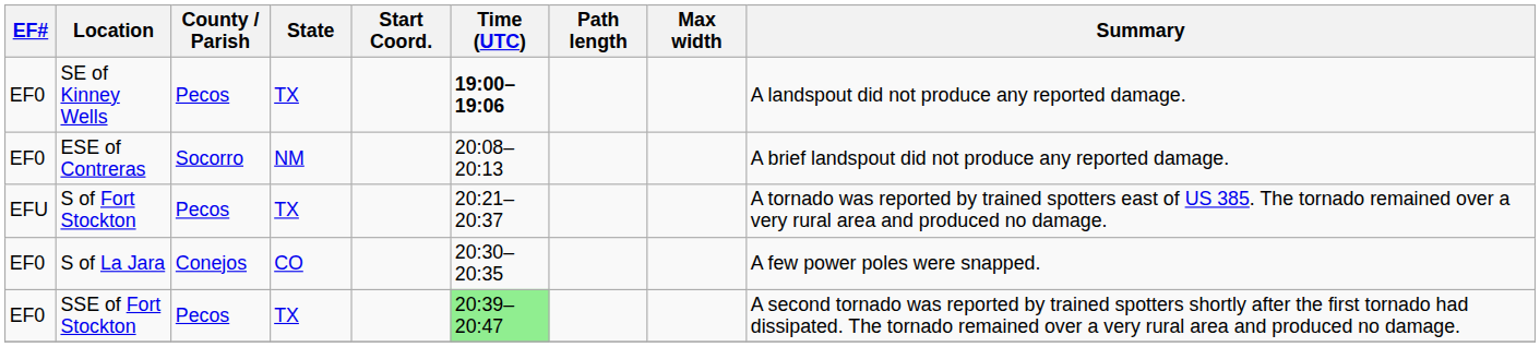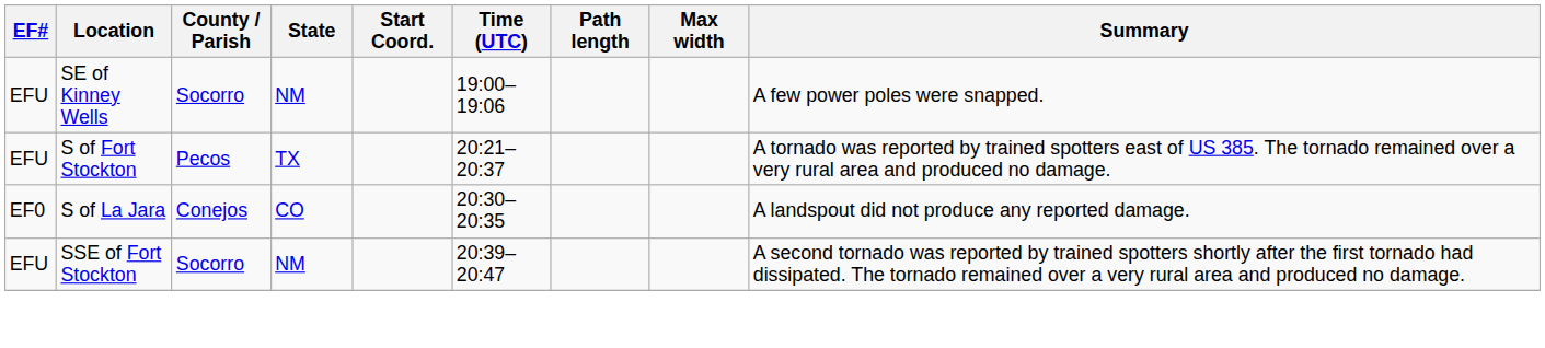 <table class="wikitable sortable" style="width:100%;">
 <tr>
 <th scope="col"  style="width:3%; text-align:center;"><a href='#'>EF#</a></th>
 <th scope="col"  style="width:7%; text-align:center;" class="unsortable">Location</th>
 <th scope="col"  style="width:6%; text-align:center;" class="unsortable">County / Parish</th>
 <th scope="col"  style="width:5%; text-align:center;">State</th>
 <th scope="col"  style="width:6%; text-align:center;">Start Coord.</th>
 <th scope="col"  style="width:6%; text-align:center;">Time (<a href='#'>UTC</a>)</th>
 <th scope="col"  style="width:6%; text-align:center;">Path length</th>
 <th scope="col"  style="width:6%; text-align:center;">Max width</th>
 <th scope="col" class="unsortable" style="width:48%; text-align:center;">Summary</th>
 </tr>
 <tr>
-<td>EF0</td>
+<td>EFU</td>
 <td>SE of <a href='#'>Kinney Wells</a></td>
-<td><a href='#'>Pecos</a></td>
-<td><a href='#'>TX</a></td>
-<td></td>
-<td><strong>19:00–19:06</strong></td>
-<td></td>
-<td></td>
-<td>A landspout did not produce any reported damage.</td>
-</tr>
-<tr>
-<td>EF0</td>
-<td>ESE of <a href='#'>Contreras</a></td>
 <td><a href='#'>Socorro</a></td>
 <td><a href='#'>NM</a></td>
 <td></td>
-<td>20:08–20:13</td>
+<td>19:00–19:06</td>
 <td></td>
 <td></td>
-<td>A brief landspout did not produce any reported damage.</td>
+<td>A few power poles were snapped.</td>
 </tr>
 <tr>
 <td>EFU</td>
 <td>S of <a href='#'>Fort Stockton</a></td>
 <td><a href='#'>Pecos</a></td>
 <td><a href='#'>TX</a></td>
 <td></td>
 <td>20:21–20:37</td>
 <td></td>
 <td></td>
 <td>A tornado was reported by trained spotters east of <a href='#'>US 385</a>. The tornado remained over a very rural area and produced no damage.</td>
 </tr>
 <tr>
 <td>EF0</td>
 <td>S of <a href='#'>La Jara</a></td>
 <td><a href='#'>Conejos</a></td>
 <td><a href='#'>CO</a></td>
 <td></td>
 <td>20:30–20:35</td>
 <td></td>
 <td></td>
-<td>A few power poles were snapped.</td>
+<td>A landspout did not produce any reported damage.</td>
 </tr>
 <tr>
-<td>EF0</td>
+<td>EFU</td>
 <td>SSE of <a href='#'>Fort Stockton</a></td>
-<td><a href='#'>Pecos</a></td>
-<td><a href='#'>TX</a></td>
+<td><a href='#'>Socorro</a></td>
+<td><a href='#'>NM</a></td>
 <td></td>
-<td style="background: lightgreen;">20:39–20:47</td>
+<td>20:39–20:47</td>
 <td></td>
 <td></td>
 <td>A second tornado was reported by trained spotters shortly after the first tornado had dissipated. The tornado remained over a very rural area and produced no damage.</td>
 </tr>
 <tr>
 </tr>
 </table>
